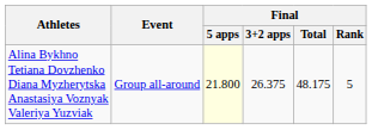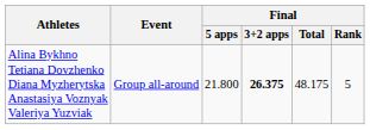 <table class="wikitable" style="font-size:90%">
 <tr>
 <th rowspan="2">Athletes</th>
 <th rowspan="2">Event</th>
 <th colspan="4">Final</th>
 </tr>
 <tr style="font-size:95%">
 <th>5 apps</th>
 <th>3+2 apps</th>
 <th>Total</th>
 <th>Rank</th>
 </tr>
 <tr align=center>
 <td align=left><a href='#'>Alina Bykhno</a><br><a href='#'>Tetiana Dovzhenko</a><br><a href='#'>Diana Myzherytska</a><br><a href='#'>Anastasiya Voznyak</a><br><a href='#'>Valeriya Yuzviak</a></td>
 <td align=left><a href='#'>Group all-around</a></td>
-<td style="background: lightyellow;">21.800</td>
-<td>26.375</td>
+<td>21.800</td>
+<td><strong>26.375</strong></td>
 <td>48.175</td>
 <td>5</td>
 </tr>
 </table>
